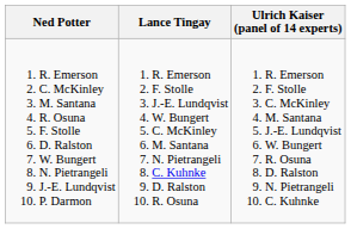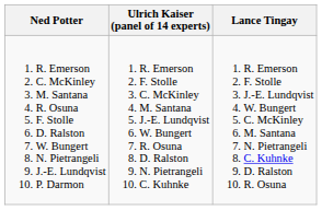 <table class="wikitable">
 <tr>
 <th>Ned Potter</th>
+<th>Ulrich Kaiser<em></em><br>(panel of 14 experts)</th>
 <th>Lance Tingay<strong></strong></th>
-<th>Ulrich Kaiser<em></em><br>(panel of 14 experts)</th>
 </tr>
 <tr style="vertical-align: top;">
 <td style="white-space: nowrap;"><br><ol><li> R. Emerson</li><li> C. McKinley</li><li> M. Santana</li><li> R. Osuna</li><li> F. Stolle</li><li> D. Ralston</li><li> W. Bungert</li><li> N. Pietrangeli</li><li> J.-E. Lundqvist</li><li> P. Darmon</li></ol></td>
+<td style="white-space: nowrap;"><br><ol><li> R. Emerson</li><li> F. Stolle</li><li> C. McKinley</li><li> M. Santana</li><li> J.-E. Lundqvist</li><li> W. Bungert</li><li> R. Osuna</li><li> D. Ralston</li><li> N. Pietrangeli</li><li> C. Kuhnke</li></ol></td>
 <td style="white-space: nowrap;"><br><ol><li> R. Emerson</li><li> F. Stolle</li><li> J.-E. Lundqvist</li><li> W. Bungert</li><li> C. McKinley</li><li> M. Santana</li><li> N. Pietrangeli</li><li> <a href='#'>C. Kuhnke</a></li><li> D. Ralston</li><li> R. Osuna</li></ol></td>
-<td style="white-space: nowrap;"><br><ol><li> R. Emerson</li><li> F. Stolle</li><li> C. McKinley</li><li> M. Santana</li><li> J.-E. Lundqvist</li><li> W. Bungert</li><li> R. Osuna</li><li> D. Ralston</li><li> N. Pietrangeli</li><li> C. Kuhnke</li></ol></td>
 </tr>
 </table>
